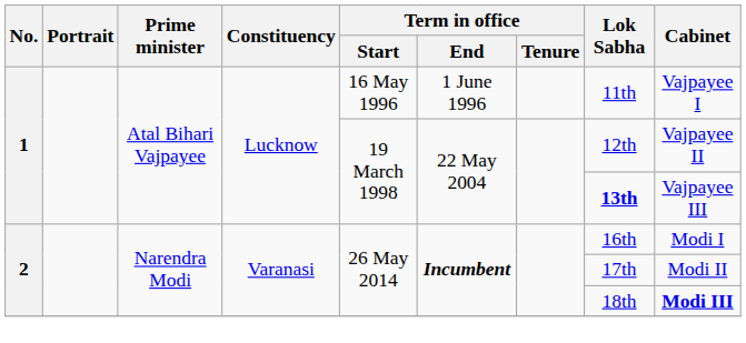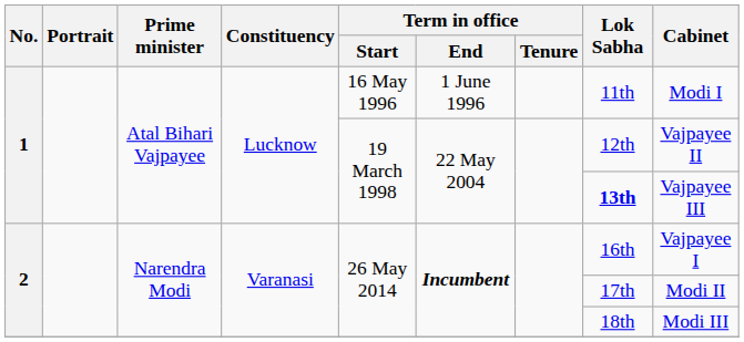 <table class="wikitable sortable" style="text-align:center;">
 <tr>
 <th rowspan="2">No.</th>
 <th rowspan="2">Portrait</th>
 <th rowspan="2">Prime minister</th>
 <th rowspan="2">Constituency</th>
 <th colspan="3">Term in office</th>
 <th rowspan="2">Lok Sabha</th>
 <th rowspan="2">Cabinet</th>
 </tr>
 <tr>
 <th>Start</th>
 <th>End</th>
 <th>Tenure</th>
 </tr>
 <tr>
 <th rowspan="3">1</th>
 <td rowspan="3"></td>
 <td rowspan="3"><a href='#'>Atal Bihari Vajpayee</a></td>
 <td rowspan="3"><a href='#'>Lucknow</a></td>
 <td>16 May 1996</td>
 <td>1 June 1996</td>
 <td></td>
 <td><a href='#'>11th</a></td>
-<td><a href='#'>Vajpayee I</a></td>
+<td><a href='#'>Modi I</a></td>
 </tr>
 <tr>
 <td rowspan="2">19 March 1998</td>
 <td rowspan="2">22 May 2004</td>
 <td rowspan="2"></td>
 <td><a href='#'>12th</a></td>
 <td><a href='#'>Vajpayee II</a></td>
 </tr>
 <tr>
 <td><strong><a href='#'>13th</a></strong></td>
 <td><a href='#'>Vajpayee III</a></td>
 </tr>
 <tr>
 <th rowspan="3">2</th>
 <td rowspan="3"></td>
 <td rowspan="3"><a href='#'>Narendra Modi</a></td>
 <td rowspan="3"><a href='#'>Varanasi</a></td>
 <td rowspan="3">26 May 2014</td>
 <td rowspan="3"><strong><em>Incumbent</em></strong></td>
 <td rowspan="3"></td>
 <td><a href='#'>16th</a></td>
-<td><a href='#'>Modi I</a></td>
+<td><a href='#'>Vajpayee I</a></td>
 </tr>
 <tr>
 <td><a href='#'>17th</a></td>
 <td><a href='#'>Modi II</a></td>
 </tr>
 <tr>
 <td><a href='#'>18th</a></td>
-<td><strong><a href='#'>Modi III</a></strong></td>
+<td><a href='#'>Modi III</a></td>
 </tr>
 <tr>
 </tr>
 </table>
